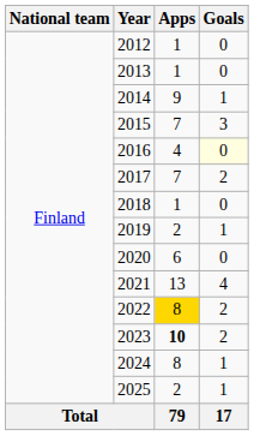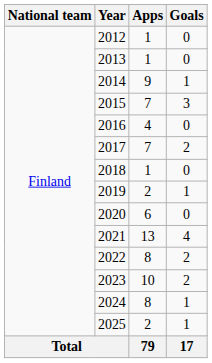 <table class="wikitable" style="text-align:center">
 <tr>
 <th>National team</th>
 <th>Year</th>
 <th>Apps</th>
 <th>Goals</th>
 </tr>
 <tr>
 <td rowspan="14"><a href='#'>Finland</a></td>
 <td>2012</td>
 <td>1</td>
 <td>0</td>
 </tr>
 <tr>
 <td>2013</td>
 <td>1</td>
 <td>0</td>
 </tr>
 <tr>
 <td>2014</td>
 <td>9</td>
 <td>1</td>
 </tr>
 <tr>
 <td>2015</td>
 <td>7</td>
 <td>3</td>
 </tr>
 <tr>
 <td>2016</td>
 <td>4</td>
-<td style="background: lightyellow;">0</td>
+<td>0</td>
 </tr>
 <tr>
 <td>2017</td>
 <td>7</td>
 <td>2</td>
 </tr>
 <tr>
 <td>2018</td>
 <td>1</td>
 <td>0</td>
 </tr>
 <tr>
 <td>2019</td>
 <td>2</td>
 <td>1</td>
 </tr>
 <tr>
 <td>2020</td>
 <td>6</td>
 <td>0</td>
 </tr>
 <tr>
 <td>2021</td>
 <td>13</td>
 <td>4</td>
 </tr>
 <tr>
 <td>2022</td>
-<td style="background: gold;">8</td>
+<td>8</td>
 <td>2</td>
 </tr>
 <tr>
 <td>2023</td>
-<td><strong>10</strong></td>
+<td>10</td>
 <td>2</td>
 </tr>
 <tr>
 <td>2024</td>
 <td>8</td>
 <td>1</td>
 </tr>
 <tr>
 <td>2025</td>
 <td>2</td>
 <td>1</td>
 </tr>
 <tr>
 <th colspan="2">Total</th>
 <th>79</th>
 <th>17</th>
 </tr>
 </table>
